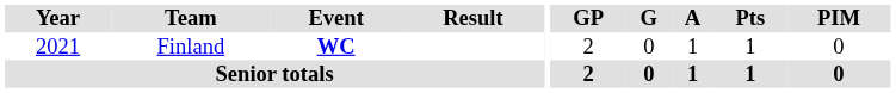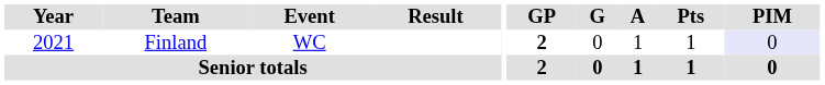 <table border="0" cellpadding="1" cellspacing="0" ID="Table3" style="text-align:center; width:40em">
 <tr ALIGN="center" bgcolor="#e0e0e0">
 <th>Year</th>
 <th>Team</th>
 <th>Event</th>
 <th>Result</th>
 <th rowspan="99" bgcolor="#ffffff"></th>
 <th>GP</th>
 <th>G</th>
 <th>A</th>
 <th>Pts</th>
 <th>PIM</th>
 </tr>
 <tr>
 <td><a href='#'>2021</a></td>
 <td><a href='#'>Finland</a></td>
-<td><strong><a href='#'>WC</a></strong></td>
+<td><a href='#'>WC</a></td>
 <td></td>
-<td>2</td>
+<td><strong>2</strong></td>
 <td>0</td>
 <td>1</td>
 <td>1</td>
-<td>0</td>
+<td style="background: lavender;">0</td>
 </tr>
 <tr bgcolor="#e0e0e0">
 <th colspan="4">Senior totals</th>
 <th>2</th>
 <th>0</th>
 <th>1</th>
 <th>1</th>
 <th>0</th>
 </tr>
 </table>
